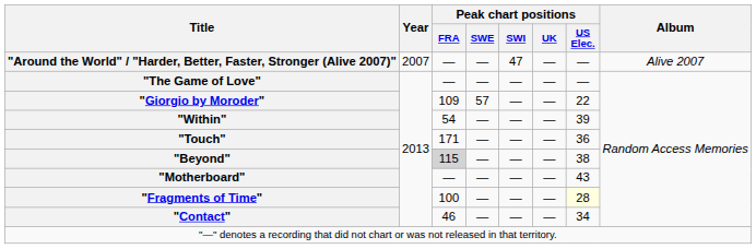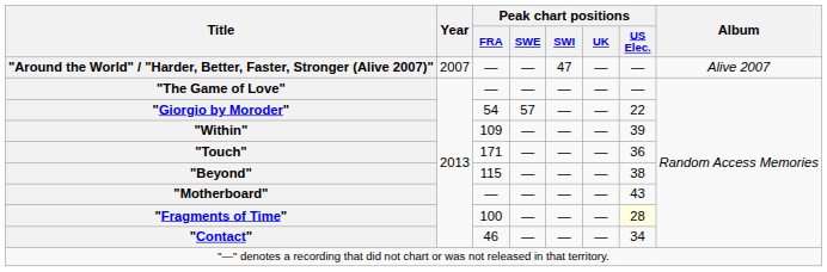 <table class="wikitable plainrowheaders" style="text-align:center;" border="1">
 <tr>
 <th scope="col" rowspan="2">Title</th>
 <th scope="col" rowspan="2">Year</th>
 <th scope="col" colspan="5">Peak chart positions</th>
 <th scope="col" rowspan="2">Album</th>
 </tr>
 <tr>
 <th scope="col" style="width:2.75em;font-size:85%;"><a href='#'>FRA</a><br></th>
 <th scope="col" style="width:2.75em;font-size:85%;"><a href='#'>SWE</a><br></th>
 <th scope="col" style="width:2.75em;font-size:85%;"><a href='#'>SWI</a><br></th>
 <th scope="col" style="width:2.75em;font-size:85%;"><a href='#'>UK</a><br></th>
 <th scope="col" style="width:2.75em;font-size:85%;"><a href='#'>US<br>Elec.</a><br></th>
 </tr>
 <tr>
 <th scope="row">"Around the World" / "Harder, Better, Faster, Stronger (Alive 2007)"</th>
 <td>2007</td>
 <td>—</td>
 <td>—</td>
 <td>47</td>
 <td>—</td>
 <td>—</td>
 <td><em>Alive 2007</em></td>
 </tr>
 <tr>
 <th scope="row">"The Game of Love"</th>
 <td rowspan="8">2013</td>
 <td>—</td>
 <td>—</td>
 <td>—</td>
 <td>—</td>
 <td>—</td>
 <td rowspan="8"><em>Random Access Memories</em></td>
 </tr>
 <tr>
 <th scope="row">"<a href='#'>Giorgio by Moroder</a>"</th>
-<td>109</td>
+<td>54</td>
 <td>57</td>
 <td>—</td>
 <td>—</td>
 <td>22</td>
 </tr>
 <tr>
 <th scope="row">"Within"</th>
-<td>54</td>
+<td>109</td>
 <td>—</td>
 <td>—</td>
 <td>—</td>
 <td>39</td>
 </tr>
 <tr>
 <th scope="row">"Touch"<br></th>
 <td>171</td>
 <td>—</td>
 <td>—</td>
 <td>—</td>
 <td>36</td>
 </tr>
 <tr>
 <th scope="row">"Beyond"</th>
-<td style="background: lightgrey;">115</td>
+<td>115</td>
 <td>—</td>
 <td>—</td>
 <td>—</td>
 <td>38</td>
 </tr>
 <tr>
 <th scope="row">"Motherboard"</th>
 <td>—</td>
 <td>—</td>
 <td>—</td>
 <td>—</td>
 <td>43</td>
 </tr>
 <tr>
 <th scope="row">"<a href='#'>Fragments of Time</a>"<br></th>
 <td>100</td>
 <td>—</td>
 <td>—</td>
 <td>—</td>
 <td style="background: lightyellow;">28</td>
 </tr>
 <tr>
 <th scope="row">"<a href='#'>Contact</a>"</th>
 <td>46</td>
 <td>—</td>
 <td>—</td>
 <td>—</td>
 <td>34</td>
 </tr>
 <tr>
 <td colspan="8" style="font-size:85%">"—" denotes a recording that did not chart or was not released in that territory.</td>
 </tr>
 </table>
